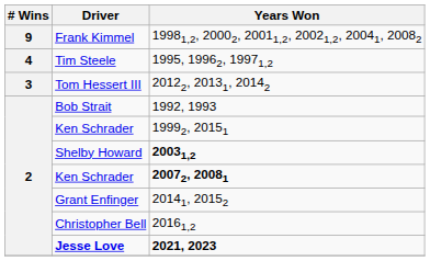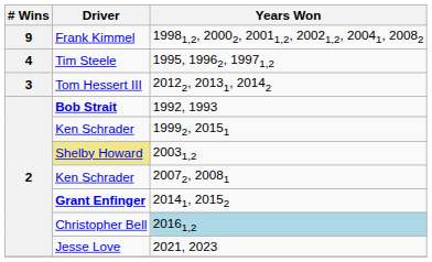 <table class="wikitable" style="font-size: 95%;">
 <tr>
 <th># Wins</th>
 <th>Driver</th>
 <th>Years Won</th>
 </tr>
 <tr>
 <th>9</th>
 <td><a href='#'>Frank Kimmel</a></td>
 <td>1998<sub>1,2</sub>, 2000<sub>2</sub>, 2001<sub>1,2</sub>, 2002<sub>1,2</sub>, 2004<sub>1</sub>, 2008<sub>2</sub></td>
 </tr>
 <tr>
 <th>4</th>
 <td><a href='#'>Tim Steele</a></td>
 <td>1995, 1996<sub>2</sub>, 1997<sub>1,2</sub></td>
 </tr>
 <tr>
 <th>3</th>
 <td><a href='#'>Tom Hessert III</a></td>
 <td>2012<sub>2</sub>, 2013<sub>1</sub>, 2014<sub>2</sub></td>
 </tr>
 <tr>
 <th rowspan="7">2</th>
-<td><a href='#'>Bob Strait</a></td>
+<td><strong><a href='#'>Bob Strait</a></strong></td>
 <td>1992, 1993</td>
 </tr>
 <tr>
 <td><a href='#'>Ken Schrader</a></td>
 <td>1999<sub>2</sub>, 2015<sub>1</sub></td>
 </tr>
 <tr>
-<td><a href='#'>Shelby Howard</a></td>
-<td><strong>2003<sub>1,2</sub></strong></td>
+<td style="background: khaki;"><a href='#'>Shelby Howard</a></td>
+<td>2003<sub>1,2</sub></td>
 </tr>
 <tr>
 <td><a href='#'>Ken Schrader</a></td>
-<td><strong>2007<sub>2</sub>, 2008<sub>1</sub></strong></td>
+<td>2007<sub>2</sub>, 2008<sub>1</sub></td>
 </tr>
 <tr>
-<td><a href='#'>Grant Enfinger</a></td>
+<td><strong><a href='#'>Grant Enfinger</a></strong></td>
 <td>2014<sub>1</sub>, 2015<sub>2</sub></td>
 </tr>
 <tr>
 <td><a href='#'>Christopher Bell</a></td>
-<td>2016<sub>1,2</sub></td>
+<td style="background: lightblue;">2016<sub>1,2</sub></td>
 </tr>
 <tr>
-<td><strong><a href='#'>Jesse Love</a></strong></td>
-<td><strong>2021, 2023</strong></td>
+<td><a href='#'>Jesse Love</a></td>
+<td>2021, 2023</td>
 </tr>
 <tr>
 </tr>
 </table>
